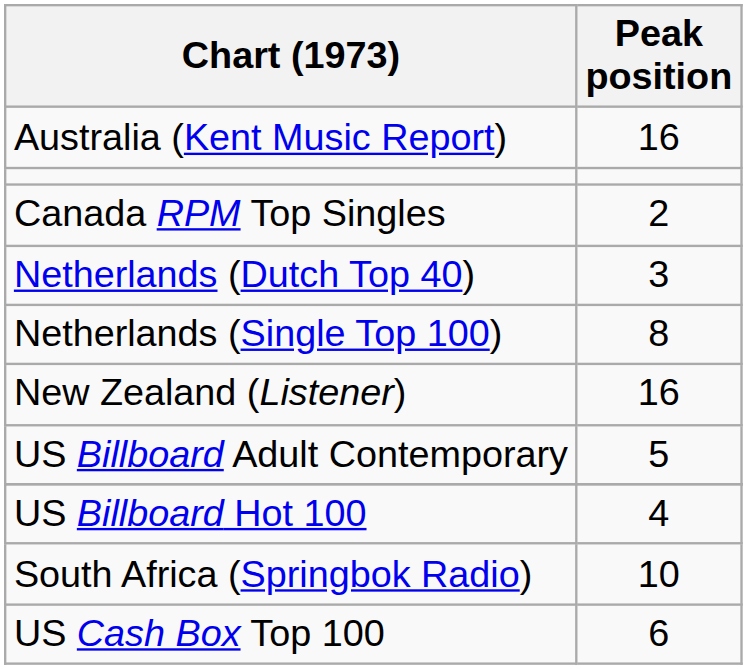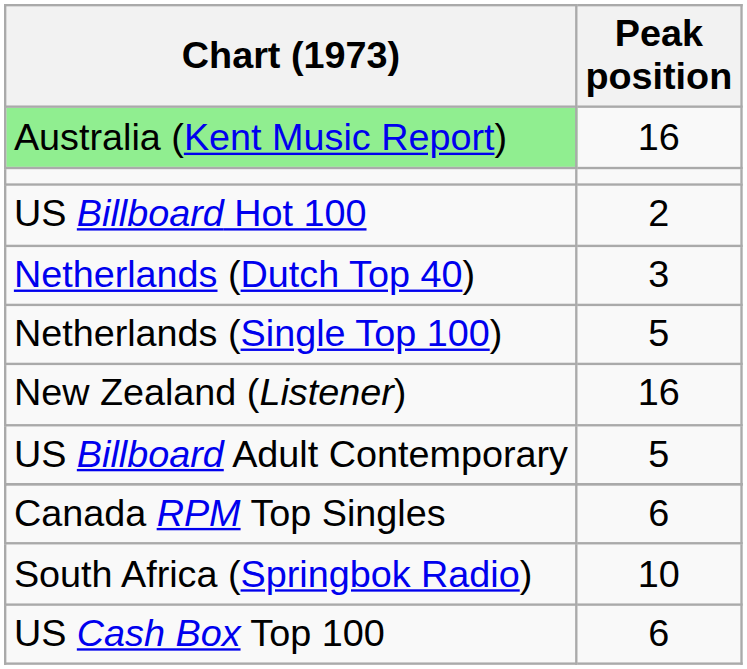 <table class="wikitable sortable">
 <tr>
 <th>Chart (1973)</th>
 <th>Peak<br>position</th>
 </tr>
 <tr>
-<td>Australia (<a href='#'>Kent Music Report</a>)</td>
+<td style="background: lightgreen;">Australia (<a href='#'>Kent Music Report</a>)</td>
 <td style="text-align:center;">16</td>
 </tr>
 <tr>
 <td></td>
 </tr>
 <tr>
-<td>Canada <a href='#'><em>RPM</em></a> Top Singles</td>
+<td align="left">US <a href='#'><em>Billboard</em> Hot 100</a></td>
 <td style="text-align:center;">2</td>
 </tr>
 <tr>
 <td><a href='#'>Netherlands</a> (<a href='#'>Dutch Top 40</a>)</td>
 <td style="text-align:center;">3</td>
 </tr>
 <tr>
 <td>Netherlands (<a href='#'>Single Top 100</a>)</td>
-<td style="text-align:center;">8</td>
+<td style="text-align:center;">5</td>
 </tr>
 <tr>
 <td>New Zealand (<em>Listener</em>)</td>
 <td style="text-align:center;">16</td>
 </tr>
 <tr>
 <td align="left">US <em><a href='#'>Billboard</a></em> Adult Contemporary</td>
 <td align="center">5</td>
 </tr>
 <tr>
 </tr>
 <tr>
-<td align="left">US <a href='#'><em>Billboard</em> Hot 100</a></td>
-<td style="text-align:center;">4</td>
+<td>Canada <a href='#'><em>RPM</em></a> Top Singles</td>
+<td style="text-align:center;">6</td>
 </tr>
 <tr>
 <td>South Africa (<a href='#'>Springbok Radio</a>)</td>
 <td style="text-align:center;">10</td>
 </tr>
 <tr>
 <td>US <a href='#'><em>Cash Box</em></a> Top 100</td>
 <td align="center">6</td>
 </tr>
 </table>
